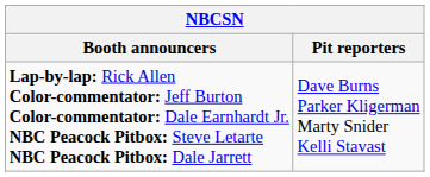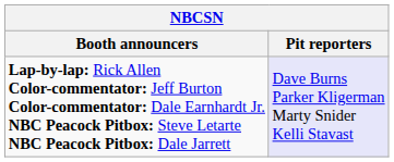 <table class="wikitable" style="font-size: 95%">
 <tr>
 <th colspan="2"><a href='#'>NBCSN</a></th>
 </tr>
 <tr>
 <th>Booth announcers</th>
 <th>Pit reporters</th>
 </tr>
 <tr>
 <td><strong>Lap-by-lap:</strong> <a href='#'>Rick Allen</a><br><strong>Color-commentator:</strong> <a href='#'>Jeff Burton</a><br><strong>Color-commentator:</strong> <a href='#'>Dale Earnhardt Jr.</a><br><strong>NBC Peacock Pitbox:</strong> <a href='#'>Steve Letarte</a><br><strong>NBC Peacock Pitbox:</strong> <a href='#'>Dale Jarrett</a></td>
-<td><a href='#'>Dave Burns</a><br><a href='#'>Parker Kligerman</a><br>Marty Snider<br><a href='#'>Kelli Stavast</a></td>
+<td style="background: lavender;"><a href='#'>Dave Burns</a><br><a href='#'>Parker Kligerman</a><br>Marty Snider<br><a href='#'>Kelli Stavast</a></td>
 </tr>
 </table>
